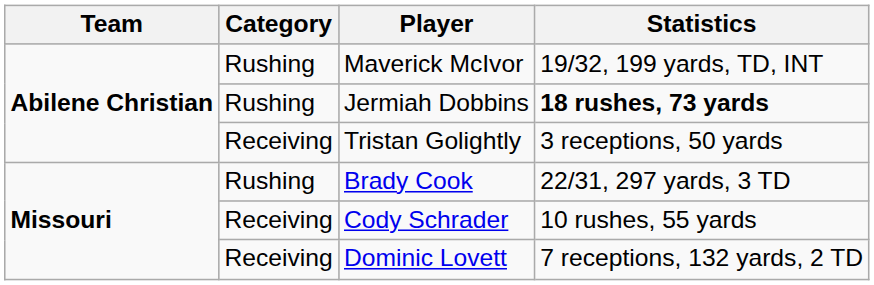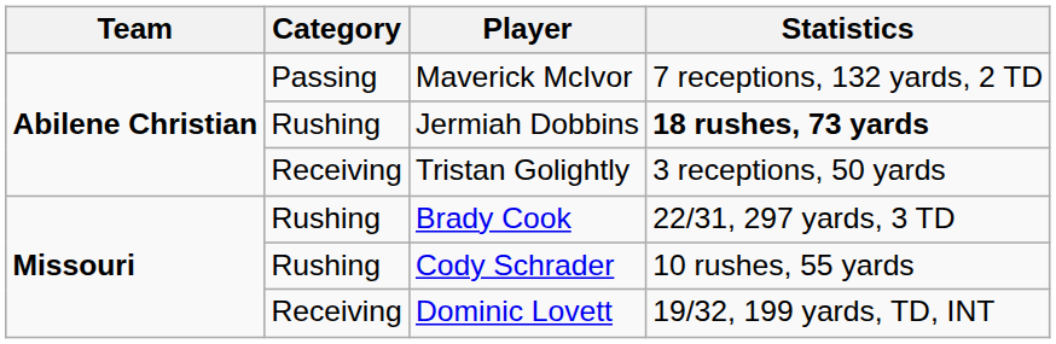 <table class="wikitable" style="float: left;">
 <tr>
 <th>Team</th>
 <th>Category</th>
 <th>Player</th>
 <th>Statistics</th>
 </tr>
 <tr>
 <td rowspan=3><strong>Abilene Christian</strong></td>
-<td>Rushing</td>
+<td>Passing</td>
 <td>Maverick McIvor</td>
-<td>19/32, 199 yards, TD, INT</td>
+<td>7 receptions, 132 yards, 2 TD</td>
 </tr>
 <tr>
 <td>Rushing</td>
 <td>Jermiah Dobbins</td>
 <td><strong>18 rushes, 73 yards</strong></td>
 </tr>
 <tr>
 <td>Receiving</td>
 <td>Tristan Golightly</td>
 <td>3 receptions, 50 yards</td>
 </tr>
 <tr>
 <td rowspan=3><strong>Missouri</strong></td>
 <td>Rushing</td>
 <td><a href='#'>Brady Cook</a></td>
 <td>22/31, 297 yards, 3 TD</td>
 </tr>
 <tr>
-<td>Receiving</td>
+<td>Rushing</td>
 <td><a href='#'>Cody Schrader</a></td>
 <td>10 rushes, 55 yards</td>
 </tr>
 <tr>
 <td>Receiving</td>
 <td><a href='#'>Dominic Lovett</a></td>
-<td>7 receptions, 132 yards, 2 TD</td>
+<td>19/32, 199 yards, TD, INT</td>
 </tr>
 </table>
